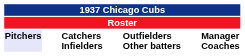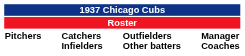 <table class="toccolours" style="font-size: 95%;">
 <tr>
 <th colspan="10" style="background-color: #0e3386; color: white; text-align: center;">1937 Chicago Cubs</th>
 </tr>
 <tr>
 <td colspan="10" style="background-color: #EE1422; color: white; text-align: center;"><strong>Roster</strong></td>
 </tr>
 <tr>
-<td valign="top" style="background: lavender;"><strong>Pitchers</strong><br>          </td>
+<td valign="top"><strong>Pitchers</strong><br>          </td>
 <td width="25px"></td>
 <td valign="top"><strong>Catchers</strong><br>   <strong>Infielders</strong>     </td>
 <td width="25px"></td>
 <td valign="top"><strong>Outfielders</strong><br>      <strong>Other batters</strong>  </td>
 <td width="25px"></td>
 <td valign="top"><strong>Manager</strong><br> <strong>Coaches</strong>  </td>
 </tr>
 </table>
